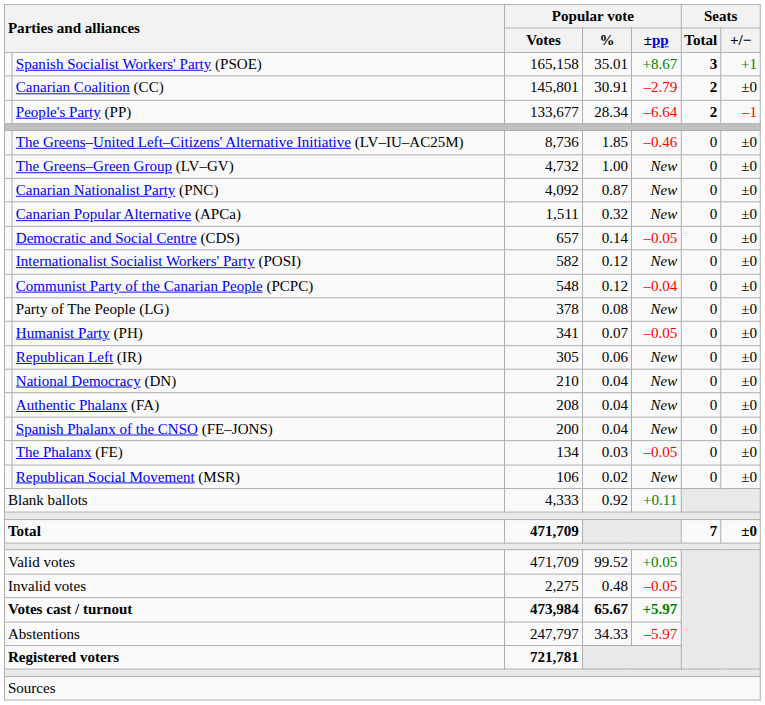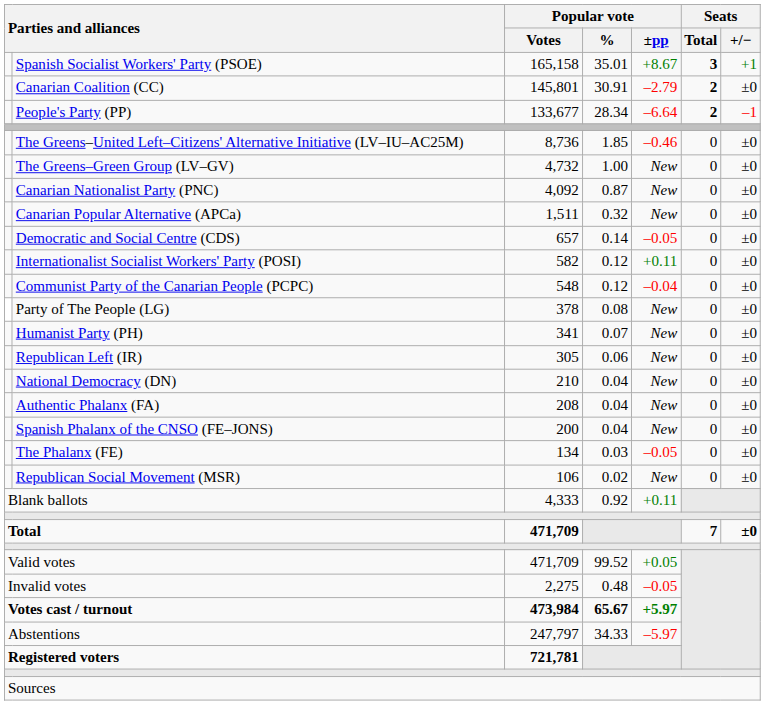 <table class="wikitable" style="text-align:right;">
 <tr>
 <th style="text-align:left;" rowspan="2" colspan="2" width="525">Parties and alliances</th>
 <th colspan="3">Popular vote</th>
 <th colspan="2">Seats</th>
 </tr>
 <tr>
 <th width="75">Votes</th>
 <th width="45">%</th>
 <th width="45">±<a href='#'>pp</a></th>
 <th width="35">Total</th>
 <th width="35">+/−</th>
 </tr>
 <tr>
 <td width="1" style="color:inherit;background:"></td>
 <td align="left"><a href='#'>Spanish Socialist Workers' Party</a> (PSOE)</td>
 <td>165,158</td>
 <td>35.01</td>
 <td style="color:green;">+8.67</td>
 <td><strong>3</strong></td>
 <td style="color:green;">+1</td>
 </tr>
 <tr>
 <td style="color:inherit;background:"></td>
 <td align="left"><a href='#'>Canarian Coalition</a> (CC)</td>
 <td>145,801</td>
 <td>30.91</td>
 <td style="color:red;">–2.79</td>
 <td><strong>2</strong></td>
 <td>±0</td>
 </tr>
 <tr>
 <td style="color:inherit;background:"></td>
 <td align="left"><a href='#'>People's Party</a> (PP)</td>
 <td>133,677</td>
 <td>28.34</td>
 <td style="color:red;">–6.64</td>
 <td><strong>2</strong></td>
 <td style="color:red;">–1</td>
 </tr>
 <tr>
 <td colspan="7" bgcolor="#C0C0C0"></td>
 </tr>
 <tr>
 <td style="color:inherit;background:"></td>
 <td align="left"><a href='#'>The Greens</a>–<a href='#'>United Left–Citizens' Alternative Initiative</a> (LV–IU–AC25M)</td>
 <td>8,736</td>
 <td>1.85</td>
 <td style="color:red;">–0.46</td>
 <td>0</td>
 <td>±0</td>
 </tr>
 <tr>
 <td style="color:inherit;background:"></td>
 <td align="left"><a href='#'>The Greens–Green Group</a> (LV–GV)</td>
 <td>4,732</td>
 <td>1.00</td>
 <td><em>New</em></td>
 <td>0</td>
 <td>±0</td>
 </tr>
 <tr>
 <td style="color:inherit;background:"></td>
 <td align="left"><a href='#'>Canarian Nationalist Party</a> (PNC)</td>
 <td>4,092</td>
 <td>0.87</td>
 <td><em>New</em></td>
 <td>0</td>
 <td>±0</td>
 </tr>
 <tr>
 <td style="color:inherit;background:"></td>
 <td align="left"><a href='#'>Canarian Popular Alternative</a> (APCa)</td>
 <td>1,511</td>
 <td>0.32</td>
 <td><em>New</em></td>
 <td>0</td>
 <td>±0</td>
 </tr>
 <tr>
 <td style="color:inherit;background:"></td>
 <td align="left"><a href='#'>Democratic and Social Centre</a> (CDS)</td>
 <td>657</td>
 <td>0.14</td>
 <td style="color:red;">–0.05</td>
 <td>0</td>
 <td>±0</td>
 </tr>
 <tr>
 <td style="color:inherit;background:"></td>
 <td align="left"><a href='#'>Internationalist Socialist Workers' Party</a> (POSI)</td>
 <td>582</td>
 <td>0.12</td>
-<td><em>New</em></td>
+<td style="color:green;">+0.11</td>
 <td>0</td>
 <td>±0</td>
 </tr>
 <tr>
 <td style="color:inherit;background:"></td>
 <td align="left"><a href='#'>Communist Party of the Canarian People</a> (PCPC)</td>
 <td>548</td>
 <td>0.12</td>
 <td style="color:red;">–0.04</td>
 <td>0</td>
 <td>±0</td>
 </tr>
 <tr>
 <td bgcolor="white"></td>
 <td align="left">Party of The People (LG)</td>
 <td>378</td>
 <td>0.08</td>
 <td><em>New</em></td>
 <td>0</td>
 <td>±0</td>
 </tr>
 <tr>
 <td style="color:inherit;background:"></td>
 <td align="left"><a href='#'>Humanist Party</a> (PH)</td>
 <td>341</td>
 <td>0.07</td>
-<td style="color:red;">–0.05</td>
+<td><em>New</em></td>
 <td>0</td>
 <td>±0</td>
 </tr>
 <tr>
 <td style="color:inherit;background:"></td>
 <td align="left"><a href='#'>Republican Left</a> (IR)</td>
 <td>305</td>
 <td>0.06</td>
 <td><em>New</em></td>
 <td>0</td>
 <td>±0</td>
 </tr>
 <tr>
 <td style="color:inherit;background:"></td>
 <td align="left"><a href='#'>National Democracy</a> (DN)</td>
 <td>210</td>
 <td>0.04</td>
 <td><em>New</em></td>
 <td>0</td>
 <td>±0</td>
 </tr>
 <tr>
 <td style="color:inherit;background:"></td>
 <td align="left"><a href='#'>Authentic Phalanx</a> (FA)</td>
 <td>208</td>
 <td>0.04</td>
 <td><em>New</em></td>
 <td>0</td>
 <td>±0</td>
 </tr>
 <tr>
 <td style="color:inherit;background:"></td>
 <td align="left"><a href='#'>Spanish Phalanx of the CNSO</a> (FE–JONS)</td>
 <td>200</td>
 <td>0.04</td>
 <td><em>New</em></td>
 <td>0</td>
 <td>±0</td>
 </tr>
 <tr>
 <td style="color:inherit;background:"></td>
 <td align="left"><a href='#'>The Phalanx</a> (FE)</td>
 <td>134</td>
 <td>0.03</td>
 <td style="color:red;">–0.05</td>
 <td>0</td>
 <td>±0</td>
 </tr>
 <tr>
 <td style="color:inherit;background:"></td>
 <td align="left"><a href='#'>Republican Social Movement</a> (MSR)</td>
 <td>106</td>
 <td>0.02</td>
 <td><em>New</em></td>
 <td>0</td>
 <td>±0</td>
 </tr>
 <tr>
 <td align="left" colspan="2">Blank ballots</td>
 <td>4,333</td>
 <td>0.92</td>
 <td style="color:green;">+0.11</td>
 <td bgcolor="#E9E9E9" colspan="2"></td>
 </tr>
 <tr>
 <td colspan="7" bgcolor="#E9E9E9"></td>
 </tr>
 <tr style="font-weight:bold;">
 <td align="left" colspan="2">Total</td>
 <td>471,709</td>
 <td bgcolor="#E9E9E9" colspan="2"></td>
 <td>7</td>
 <td>±0</td>
 </tr>
 <tr>
 <td colspan="7" bgcolor="#E9E9E9"></td>
 </tr>
 <tr>
 <td align="left" colspan="2">Valid votes</td>
 <td>471,709</td>
 <td>99.52</td>
 <td style="color:green;">+0.05</td>
 <td bgcolor="#E9E9E9" colspan="2" rowspan="5"></td>
 </tr>
 <tr>
 <td align="left" colspan="2">Invalid votes</td>
 <td>2,275</td>
 <td>0.48</td>
 <td style="color:red;">–0.05</td>
 </tr>
 <tr style="font-weight:bold;">
 <td align="left" colspan="2">Votes cast / turnout</td>
 <td>473,984</td>
 <td>65.67</td>
 <td style="color:green;">+5.97</td>
 </tr>
 <tr>
 <td align="left" colspan="2">Abstentions</td>
 <td>247,797</td>
 <td>34.33</td>
 <td style="color:red;">–5.97</td>
 </tr>
 <tr style="font-weight:bold;">
 <td align="left" colspan="2">Registered voters</td>
 <td>721,781</td>
 <td bgcolor="#E9E9E9" colspan="2"></td>
 </tr>
 <tr>
 <td colspan="7" bgcolor="#E9E9E9"></td>
 </tr>
 <tr>
 <td align="left" colspan="7">Sources</td>
 </tr>
 </table>
